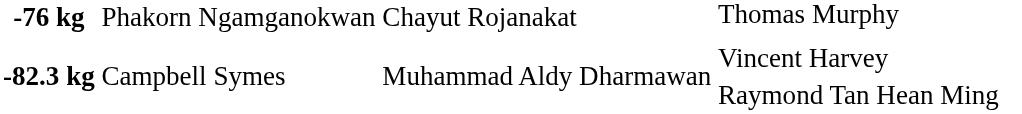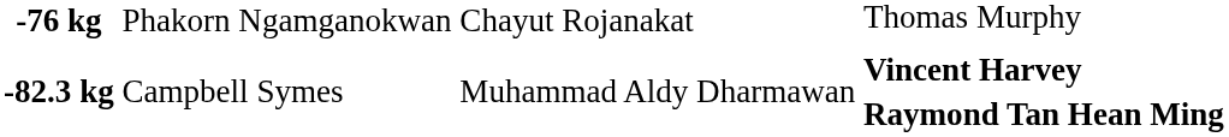 <table>
 <tr>
 <th scope=row rowspan=2>-76 kg</th>
 <td rowspan=2> Phakorn Ngamganokwan</td>
 <td rowspan=2> Chayut Rojanakat</td>
 <td> Thomas Murphy</td>
 </tr>
 <tr>
 <td></td>
 </tr>
 <tr>
 <th scope=row rowspan=2>-82.3 kg</th>
 <td rowspan=2> Campbell Symes</td>
 <td rowspan=2> Muhammad Aldy Dharmawan</td>
-<td> Vincent Harvey</td>
+<td><strong> Vincent Harvey</strong></td>
 </tr>
 <tr>
-<td> Raymond Tan Hean Ming</td>
+<td><strong> Raymond Tan Hean Ming</strong></td>
 </tr>
 <tr>
 </tr>
 </table>
